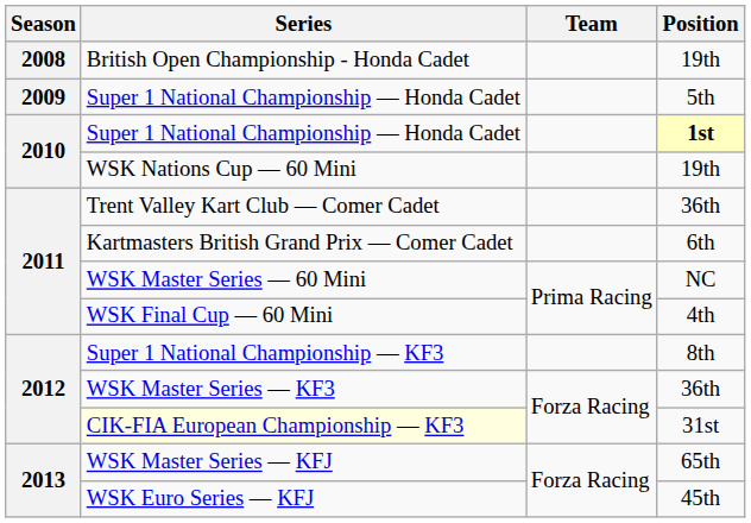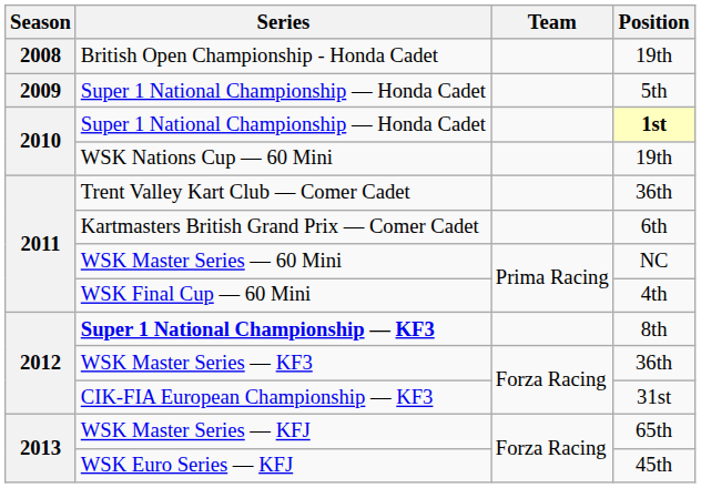 <table class="wikitable" style="font-size: 85%; text-align:center">
 <tr>
 <th>Season</th>
 <th>Series</th>
 <th>Team</th>
 <th>Position</th>
 </tr>
 <tr>
 <th>2008</th>
 <td align="left">British Open Championship - Honda Cadet</td>
 <td align="left"></td>
 <td>19th</td>
 </tr>
 <tr>
 <th>2009</th>
 <td align="left"><a href='#'>Super 1 National Championship</a> — Honda Cadet</td>
 <td align="left"></td>
 <td>5th</td>
 </tr>
 <tr>
 <th rowspan="2">2010</th>
 <td align="left"><a href='#'>Super 1 National Championship</a> — Honda Cadet</td>
 <td align="left"></td>
 <td style="background:#FFFFBF;"><strong>1st</strong></td>
 </tr>
 <tr>
 <td align="left">WSK Nations Cup — 60 Mini</td>
 <td align="left"></td>
 <td>19th</td>
 </tr>
 <tr>
 <th rowspan="4">2011</th>
 <td align="left">Trent Valley Kart Club — Comer Cadet</td>
 <td></td>
 <td>36th</td>
 </tr>
 <tr>
 <td align="left">Kartmasters British Grand Prix — Comer Cadet</td>
 <td></td>
 <td>6th</td>
 </tr>
 <tr>
 <td align="left"><a href='#'>WSK Master Series</a> — 60 Mini</td>
 <td rowspan="2"  align="left">Prima Racing</td>
 <td>NC</td>
 </tr>
 <tr>
 <td align="left"><a href='#'>WSK Final Cup</a> — 60 Mini</td>
 <td>4th</td>
 </tr>
 <tr>
 <th rowspan="3">2012</th>
-<td align="left"><a href='#'>Super 1 National Championship</a> — <a href='#'>KF3</a></td>
+<td align="left"><strong><a href='#'>Super 1 National Championship</a> — <a href='#'>KF3</a></strong></td>
 <td align="left"></td>
 <td>8th</td>
 </tr>
 <tr>
 <td align="left"><a href='#'>WSK Master Series</a> — <a href='#'>KF3</a></td>
 <td rowspan="2"  align="left">Forza Racing</td>
 <td>36th</td>
 </tr>
 <tr>
-<td align="left" style="background: lightyellow;"><a href='#'>CIK-FIA European Championship</a> — <a href='#'>KF3</a></td>
+<td align="left"><a href='#'>CIK-FIA European Championship</a> — <a href='#'>KF3</a></td>
 <td>31st</td>
 </tr>
 <tr>
 <th rowspan="2">2013</th>
 <td align="left"><a href='#'>WSK Master Series</a> — <a href='#'>KFJ</a></td>
 <td rowspan="2"  align="left">Forza Racing</td>
 <td>65th</td>
 </tr>
 <tr>
 <td align="left"><a href='#'>WSK Euro Series</a> — <a href='#'>KFJ</a></td>
 <td>45th</td>
 </tr>
 </table>
